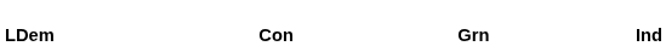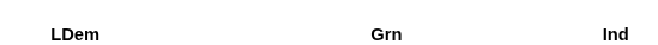 <table style="width:60%; text-align:center;">
 <tr style="color:white;">
 <td style="background:"><strong>28</strong></td>
-<td style="background:"><strong>11</strong></td>
 <td style="background:"><strong>8</strong></td>
 <td style="background:"><strong>1</strong></td>
 </tr>
 <tr>
 <td><span><strong>LDem</strong></span></td>
-<td><span><strong>Con</strong></span></td>
 <td><span><strong>Grn</strong></span></td>
 <td><span><strong>Ind</strong></span></td>
 </tr>
 </table>
